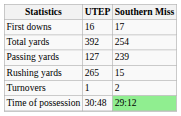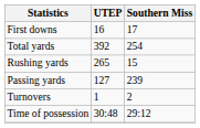 <table class="wikitable">
 <tr>
 <th>Statistics</th>
 <th>UTEP</th>
 <th>Southern Miss</th>
 </tr>
 <tr>
 <td>First downs</td>
 <td>16</td>
 <td>17</td>
 </tr>
 <tr>
 <td>Total yards</td>
 <td>392</td>
 <td>254</td>
 </tr>
 <tr>
+<td>Rushing yards</td>
+<td>265</td>
+<td>15</td>
+</tr>
+<tr>
 <td>Passing yards</td>
 <td>127</td>
 <td>239</td>
-</tr>
-<tr>
-<td>Rushing yards</td>
-<td>265</td>
-<td>15</td>
 </tr>
 <tr>
 <td>Turnovers</td>
 <td>1</td>
 <td>2</td>
 </tr>
 <tr>
 <td>Time of possession</td>
 <td>30:48</td>
-<td style="background: lightgreen;">29:12</td>
+<td>29:12</td>
 </tr>
 <tr>
 </tr>
 </table>
